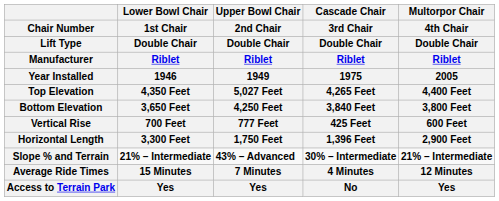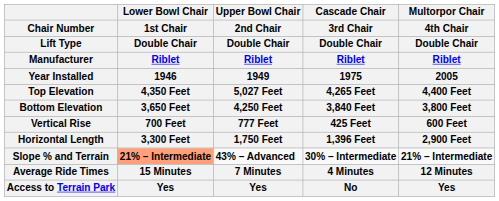 <table class="wikitable">
 <tr>
 <th></th>
 <th>Lower Bowl Chair</th>
 <th>Upper Bowl Chair</th>
 <th>Cascade Chair</th>
 <th>Multorpor Chair</th>
 </tr>
 <tr>
 <th>Chair Number</th>
 <th>1st Chair</th>
 <th>2nd Chair</th>
 <th>3rd Chair</th>
 <th>4th Chair</th>
 </tr>
 <tr>
 <th>Lift Type</th>
 <th>Double Chair</th>
 <th>Double Chair</th>
 <th>Double Chair</th>
 <th>Double Chair</th>
 </tr>
 <tr>
 <th>Manufacturer</th>
 <th><a href='#'>Riblet</a></th>
 <th><a href='#'>Riblet</a></th>
 <th><a href='#'>Riblet</a></th>
 <th><a href='#'>Riblet</a></th>
 </tr>
 <tr>
 <th>Year Installed</th>
 <th>1946</th>
 <th>1949</th>
 <th>1975</th>
 <th>2005</th>
 </tr>
 <tr>
 <th>Top Elevation</th>
 <th>4,350 Feet</th>
 <th>5,027 Feet</th>
 <th>4,265 Feet</th>
 <th>4,400 Feet</th>
 </tr>
 <tr>
 <th>Bottom Elevation</th>
 <th>3,650 Feet</th>
 <th>4,250 Feet</th>
 <th>3,840 Feet</th>
 <th>3,800 Feet</th>
 </tr>
 <tr>
 <th>Vertical Rise</th>
 <th>700 Feet</th>
 <th>777 Feet</th>
 <th>425 Feet</th>
 <th>600 Feet</th>
 </tr>
 <tr>
 <th>Horizontal Length</th>
 <th>3,300 Feet</th>
 <th>1,750 Feet</th>
 <th>1,396 Feet</th>
 <th>2,900 Feet</th>
 </tr>
 <tr>
 <th>Slope % and Terrain</th>
-<td><strong>21% – Intermediate</strong></td>
+<td style="background: lightsalmon;"><strong>21% – Intermediate</strong></td>
 <td><strong>43% – Advanced</strong></td>
 <td><strong>30% – Intermediate</strong></td>
 <td><strong>21% – Intermediate</strong></td>
 </tr>
 <tr>
 <th>Average Ride Times</th>
 <th>15 Minutes</th>
 <th>7 Minutes</th>
 <th>4 Minutes</th>
 <th>12 Minutes</th>
 </tr>
 <tr>
 <th>Access to <a href='#'>Terrain Park</a></th>
 <th>Yes</th>
 <th>Yes</th>
 <th>No</th>
 <th>Yes</th>
 </tr>
 </table>
